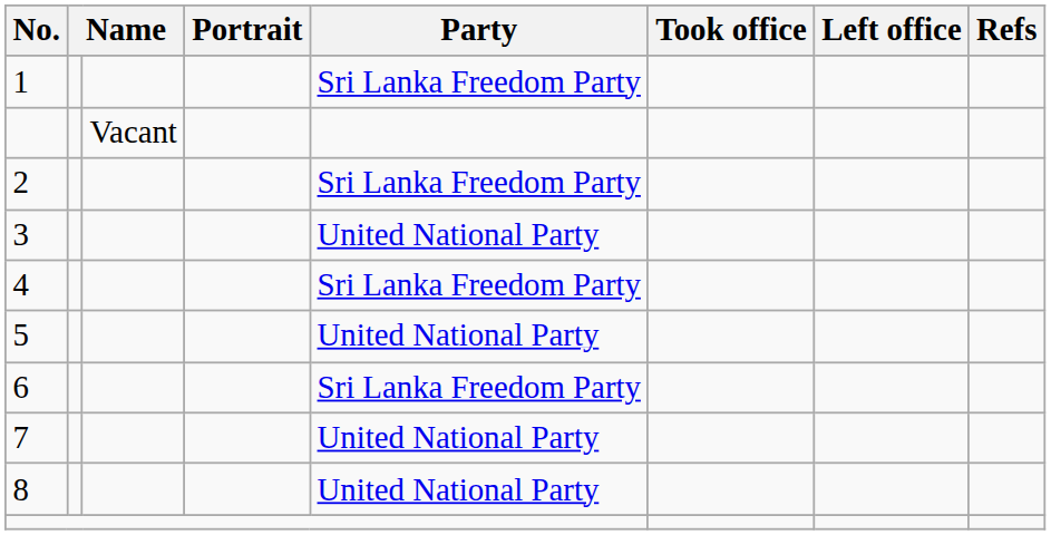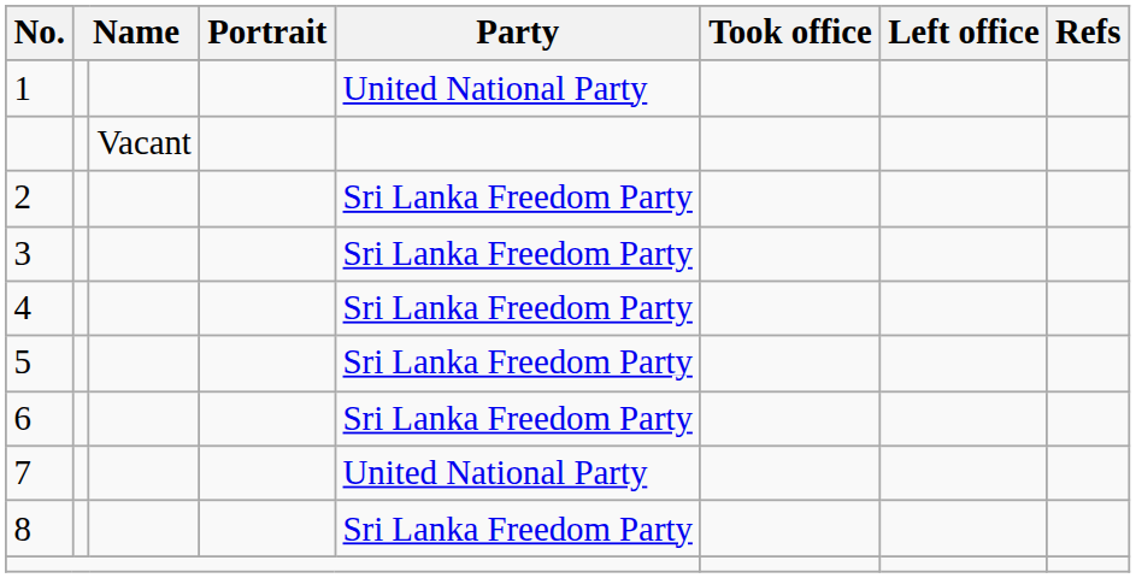 <table class="wikitable plainrowheaders sortable" style="font-size:100%; text-align:left;">
 <tr>
 <th>No.</th>
 <th colspan="2">Name</th>
 <th class=unsortable>Portrait</th>
 <th>Party</th>
 <th>Took office</th>
 <th>Left office</th>
 <th class=unsortable>Refs</th>
 </tr>
 <tr>
 <td>1</td>
 <td !align="center" style="background:"></td>
 <td></td>
 <td></td>
-<td><a href='#'>Sri Lanka Freedom Party</a></td>
+<td><a href='#'>United National Party</a></td>
 <td align=center></td>
 <td align=center></td>
 <td align=center></td>
 </tr>
 <tr>
 <td></td>
 <td></td>
 <td>Vacant</td>
 <td></td>
 <td></td>
 <td align=center></td>
 <td align=center></td>
 <td align=center></td>
 </tr>
 <tr>
 <td>2</td>
 <td !align="center" style="background:"></td>
 <td></td>
 <td></td>
 <td><a href='#'>Sri Lanka Freedom Party</a></td>
 <td align=center></td>
 <td align=center></td>
 <td align=center></td>
 </tr>
 <tr>
 <td>3</td>
 <td !align="center" style="background:"></td>
 <td></td>
 <td></td>
-<td><a href='#'>United National Party</a></td>
+<td><a href='#'>Sri Lanka Freedom Party</a></td>
 <td align=center></td>
 <td align=center></td>
 <td align=center></td>
 </tr>
 <tr>
 <td>4</td>
 <td !align="center" style="background:"></td>
 <td></td>
 <td></td>
 <td><a href='#'>Sri Lanka Freedom Party</a></td>
 <td align=center></td>
 <td align=center></td>
 <td align=center></td>
 </tr>
 <tr>
 <td>5</td>
 <td !align="center" style="background:"></td>
 <td></td>
 <td></td>
-<td><a href='#'>United National Party</a></td>
+<td><a href='#'>Sri Lanka Freedom Party</a></td>
 <td align=center></td>
 <td align=center></td>
 <td align=center></td>
 </tr>
 <tr>
 <td>6</td>
 <td !align="center" style="background:"></td>
 <td></td>
 <td align=center></td>
 <td><a href='#'>Sri Lanka Freedom Party</a></td>
 <td align=center></td>
 <td align=center></td>
 <td align=center></td>
 </tr>
 <tr>
 <td>7</td>
 <td !align="center" style="background:"></td>
 <td></td>
 <td></td>
 <td><a href='#'>United National Party</a></td>
 <td align=center></td>
 <td align=center></td>
 <td align=center></td>
 </tr>
 <tr>
 <td>8</td>
 <td !align="center" style="background:"></td>
 <td></td>
 <td></td>
-<td><a href='#'>United National Party</a></td>
+<td><a href='#'>Sri Lanka Freedom Party</a></td>
 <td align=center></td>
 <td align=center></td>
 <td align=center></td>
 </tr>
 <tr>
 <td colspan="5"></td>
 <td align=center></td>
 <td align=center></td>
 <td></td>
 </tr>
 </table>
